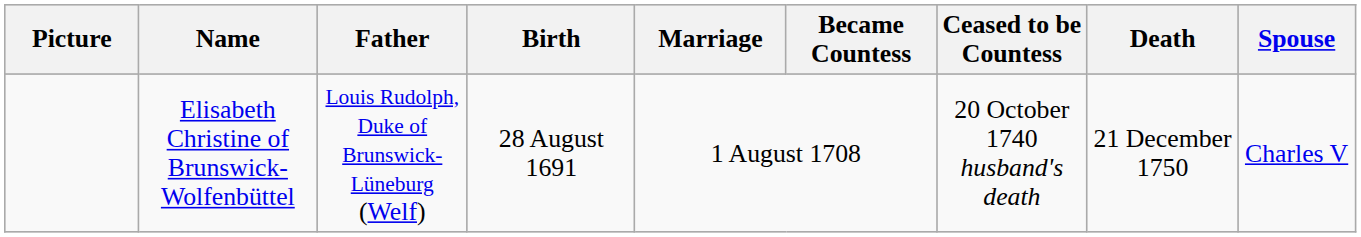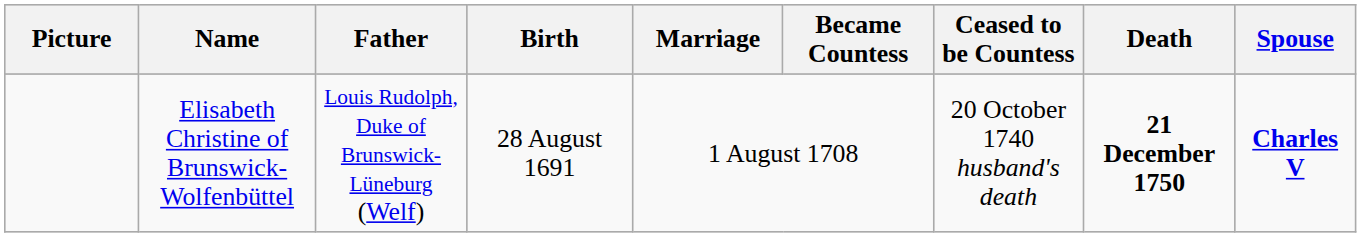 <table style="width:95%;" class="wikitable">
 <tr>
 <th style="width:8%;">Picture</th>
 <th style="width:10%;">Name</th>
 <th style="width:9%;">Father</th>
 <th style="width:10%;">Birth</th>
 <th style="width:9%;">Marriage</th>
 <th style="width:9%;">Became Countess</th>
 <th style="width:9%;">Ceased to be Countess</th>
 <th style="width:9%;">Death</th>
 <th style="width:7%;"><a href='#'>Spouse</a></th>
 </tr>
 <tr>
 <td style="text-align:center;"></td>
 <td style="text-align:center;"><a href='#'>Elisabeth Christine of Brunswick-Wolfenbüttel</a></td>
 <td style="text-align:center;"><small><a href='#'>Louis Rudolph, Duke of Brunswick-Lüneburg</a></small><br>(<a href='#'>Welf</a>)</td>
 <td style="text-align:center;">28 August 1691</td>
 <td style="text-align:center;" colspan="2">1 August 1708</td>
 <td style="text-align:center;">20 October 1740<br><em>husband's death</em></td>
-<td style="text-align:center;">21 December 1750</td>
-<td style="text-align:center;"><a href='#'>Charles V</a></td>
+<td style="text-align:center;"><strong>21 December 1750</strong></td>
+<td style="text-align:center;"><strong><a href='#'>Charles V</a></strong></td>
 </tr>
 </table>
